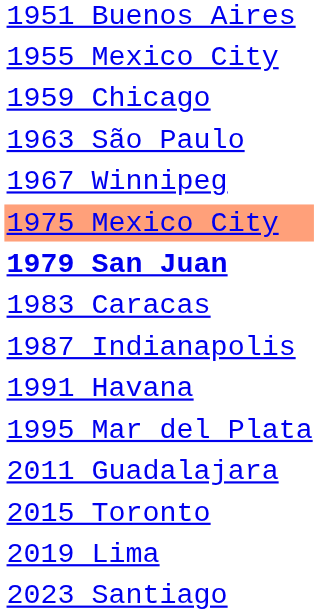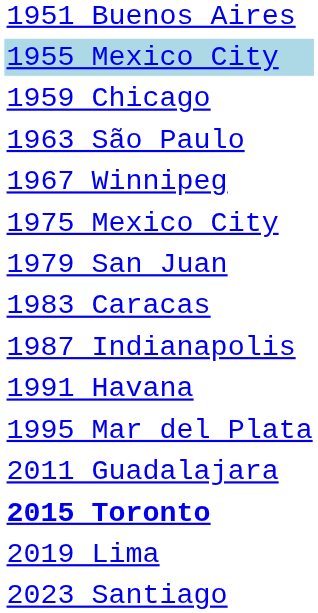 <table>
 <tr>
 <td><a href='#'>1951 Buenos Aires</a></td>
 <td></td>
 <td></td>
 <td></td>
 </tr>
 <tr>
-<td><a href='#'>1955 Mexico City</a></td>
+<td style="background: lightblue;"><a href='#'>1955 Mexico City</a></td>
 <td></td>
 <td></td>
 <td></td>
 </tr>
 <tr>
 <td><a href='#'>1959 Chicago</a></td>
 <td></td>
 <td></td>
 <td></td>
 </tr>
 <tr>
 <td><a href='#'>1963 São Paulo</a></td>
 <td></td>
 <td></td>
 <td></td>
 </tr>
 <tr>
 <td><a href='#'>1967 Winnipeg</a></td>
 <td></td>
 <td></td>
 <td></td>
 </tr>
 <tr>
-<td style="background: lightsalmon;"><a href='#'>1975 Mexico City</a></td>
+<td><a href='#'>1975 Mexico City</a></td>
 <td></td>
 <td></td>
 <td></td>
 </tr>
 <tr>
-<td><strong><a href='#'>1979 San Juan</a></strong></td>
+<td><a href='#'>1979 San Juan</a></td>
 <td></td>
 <td></td>
 <td></td>
 </tr>
 <tr>
 <td><a href='#'>1983 Caracas</a></td>
 <td></td>
 <td></td>
 <td></td>
 </tr>
 <tr>
 <td rowspan=2><a href='#'>1987 Indianapolis</a></td>
 <td rowspan=2></td>
 <td rowspan=2></td>
 <td></td>
 </tr>
 <tr>
 <td></td>
 </tr>
 <tr>
 <td rowspan=2><a href='#'>1991 Havana</a></td>
 <td rowspan=2></td>
 <td rowspan=2></td>
 <td></td>
 </tr>
 <tr>
 <td></td>
 </tr>
 <tr>
 <td><a href='#'>1995 Mar del Plata</a></td>
 <td></td>
 <td></td>
 <td></td>
 </tr>
 <tr>
 <td><a href='#'>2011 Guadalajara</a></td>
 <td></td>
 <td></td>
 <td></td>
 </tr>
 <tr>
-<td><a href='#'>2015 Toronto</a></td>
+<td><strong><a href='#'>2015 Toronto</a></strong></td>
 <td></td>
 <td></td>
 <td></td>
 </tr>
 <tr>
 <td><a href='#'>2019 Lima</a></td>
 <td></td>
 <td></td>
 <td></td>
 </tr>
 <tr>
 <td><a href='#'>2023 Santiago</a></td>
 <td></td>
 <td></td>
 <td></td>
 </tr>
 </table>
